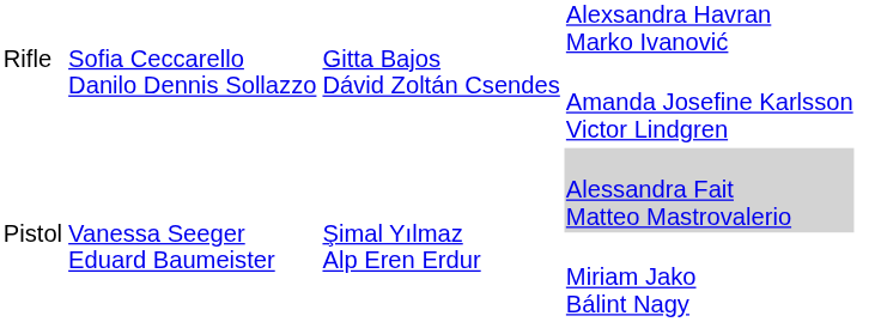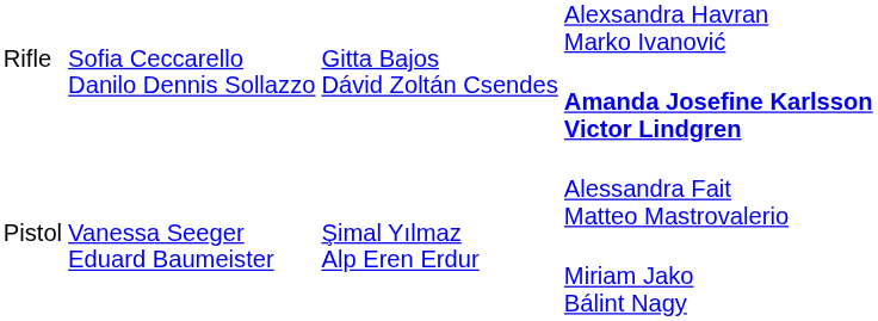 <table>
 <tr>
 <td rowspan=2>Rifle</td>
 <td rowspan=2><br><a href='#'>Sofia Ceccarello</a><br><a href='#'>Danilo Dennis Sollazzo</a></td>
 <td rowspan=2><br><a href='#'>Gitta Bajos</a><br><a href='#'>Dávid Zoltán Csendes</a></td>
 <td><br><a href='#'>Alexsandra Havran</a><br><a href='#'>Marko Ivanović</a></td>
 </tr>
 <tr>
-<td><br><a href='#'>Amanda Josefine Karlsson</a><br><a href='#'>Victor Lindgren</a></td>
+<td><strong><br><a href='#'>Amanda Josefine Karlsson</a><br><a href='#'>Victor Lindgren</a></strong></td>
 </tr>
 <tr>
 <td rowspan=2>Pistol</td>
 <td rowspan=2><br><a href='#'>Vanessa Seeger</a><br><a href='#'>Eduard Baumeister</a></td>
 <td rowspan=2><br><a href='#'>Şimal Yılmaz</a><br><a href='#'>Alp Eren Erdur</a></td>
-<td style="background: lightgrey;"><br><a href='#'>Alessandra Fait</a><br><a href='#'>Matteo Mastrovalerio</a></td>
+<td><br><a href='#'>Alessandra Fait</a><br><a href='#'>Matteo Mastrovalerio</a></td>
 </tr>
 <tr>
 <td><br><a href='#'>Miriam Jako</a><br><a href='#'>Bálint Nagy</a></td>
 </tr>
 </table>
